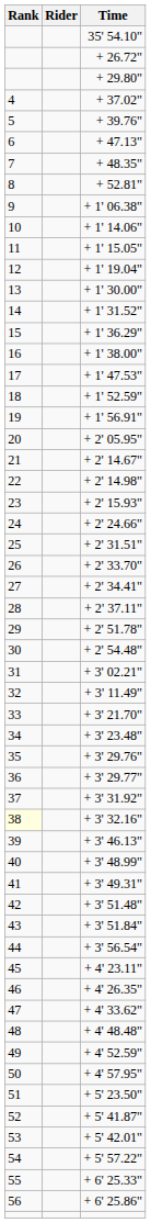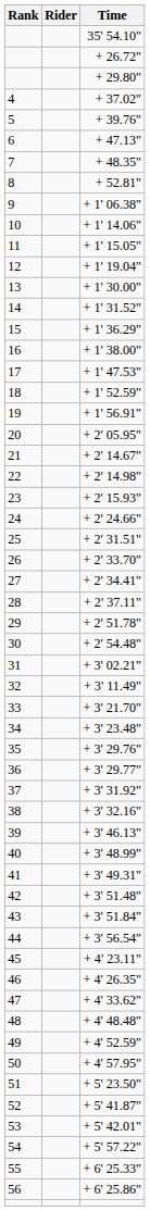 <table class="wikitable sortable">
 <tr>
 <th>Rank</th>
 <th>Rider</th>
 <th>Time</th>
 </tr>
 <tr>
 <td></td>
 <td></td>
 <td align=right>35' 54.10"</td>
 </tr>
 <tr>
 <td></td>
 <td></td>
 <td align=right>+ 26.72"</td>
 </tr>
 <tr>
 <td></td>
 <td></td>
 <td align=right>+ 29.80"</td>
 </tr>
 <tr>
 <td>4</td>
 <td></td>
 <td align=right>+ 37.02"</td>
 </tr>
 <tr>
 <td>5</td>
 <td></td>
 <td align=right>+ 39.76"</td>
 </tr>
 <tr>
 <td>6</td>
 <td></td>
 <td align=right>+ 47.13"</td>
 </tr>
 <tr>
 <td>7</td>
 <td></td>
 <td align=right>+ 48.35"</td>
 </tr>
 <tr>
 <td>8</td>
 <td></td>
 <td align=right>+ 52.81"</td>
 </tr>
 <tr>
 <td>9</td>
 <td></td>
 <td align=right>+ 1' 06.38"</td>
 </tr>
 <tr>
 <td>10</td>
 <td></td>
 <td align=right>+ 1' 14.06"</td>
 </tr>
 <tr>
 <td>11</td>
 <td></td>
 <td align=right>+ 1' 15.05"</td>
 </tr>
 <tr>
 <td>12</td>
 <td></td>
 <td align=right>+ 1' 19.04"</td>
 </tr>
 <tr>
 <td>13</td>
 <td></td>
 <td align=right>+ 1' 30.00"</td>
 </tr>
 <tr>
 <td>14</td>
 <td></td>
 <td align=right>+ 1' 31.52"</td>
 </tr>
 <tr>
 <td>15</td>
 <td></td>
 <td align=right>+ 1' 36.29"</td>
 </tr>
 <tr>
 <td>16</td>
 <td></td>
 <td align=right>+ 1' 38.00"</td>
 </tr>
 <tr>
 <td>17</td>
 <td></td>
 <td align=right>+ 1' 47.53"</td>
 </tr>
 <tr>
 <td>18</td>
 <td></td>
 <td align=right>+ 1' 52.59"</td>
 </tr>
 <tr>
 <td>19</td>
 <td></td>
 <td align=right>+ 1' 56.91"</td>
 </tr>
 <tr>
 <td>20</td>
 <td></td>
 <td align=right>+ 2' 05.95"</td>
 </tr>
 <tr>
 <td>21</td>
 <td></td>
 <td align=right>+ 2' 14.67"</td>
 </tr>
 <tr>
 <td>22</td>
 <td></td>
 <td align=right>+ 2' 14.98"</td>
 </tr>
 <tr>
 <td>23</td>
 <td></td>
 <td align=right>+ 2' 15.93"</td>
 </tr>
 <tr>
 <td>24</td>
 <td></td>
 <td align=right>+ 2' 24.66"</td>
 </tr>
 <tr>
 <td>25</td>
 <td></td>
 <td align=right>+ 2' 31.51"</td>
 </tr>
 <tr>
 <td>26</td>
 <td></td>
 <td align=right>+ 2' 33.70"</td>
 </tr>
 <tr>
 <td>27</td>
 <td></td>
 <td align=right>+ 2' 34.41"</td>
 </tr>
 <tr>
 <td>28</td>
 <td></td>
 <td align=right>+ 2' 37.11"</td>
 </tr>
 <tr>
 <td>29</td>
 <td></td>
 <td align=right>+ 2' 51.78"</td>
 </tr>
 <tr>
 <td>30</td>
 <td></td>
 <td align=right>+ 2' 54.48"</td>
 </tr>
 <tr>
 <td>31</td>
 <td></td>
 <td align=right>+ 3' 02.21"</td>
 </tr>
 <tr>
 <td>32</td>
 <td></td>
 <td align=right>+ 3' 11.49"</td>
 </tr>
 <tr>
 <td>33</td>
 <td></td>
 <td align=right>+ 3' 21.70"</td>
 </tr>
 <tr>
 <td>34</td>
 <td></td>
 <td align=right>+ 3' 23.48"</td>
 </tr>
 <tr>
 <td>35</td>
 <td></td>
 <td align=right>+ 3' 29.76"</td>
 </tr>
 <tr>
 <td>36</td>
 <td></td>
 <td align=right>+ 3' 29.77"</td>
 </tr>
 <tr>
 <td>37</td>
 <td></td>
 <td align=right>+ 3' 31.92"</td>
 </tr>
 <tr>
-<td style="background: lightyellow;">38</td>
+<td>38</td>
 <td></td>
 <td align=right>+ 3' 32.16"</td>
 </tr>
 <tr>
 <td>39</td>
 <td></td>
 <td align=right>+ 3' 46.13"</td>
 </tr>
 <tr>
 <td>40</td>
 <td></td>
 <td align=right>+ 3' 48.99"</td>
 </tr>
 <tr>
 <td>41</td>
 <td></td>
 <td align=right>+ 3' 49.31"</td>
 </tr>
 <tr>
 <td>42</td>
 <td></td>
 <td align=right>+ 3' 51.48"</td>
 </tr>
 <tr>
 <td>43</td>
 <td></td>
 <td align=right>+ 3' 51.84"</td>
 </tr>
 <tr>
 <td>44</td>
 <td></td>
 <td align=right>+ 3' 56.54"</td>
 </tr>
 <tr>
 <td>45</td>
 <td></td>
 <td align=right>+ 4' 23.11"</td>
 </tr>
 <tr>
 <td>46</td>
 <td></td>
 <td align=right>+ 4' 26.35"</td>
 </tr>
 <tr>
 <td>47</td>
 <td></td>
 <td align=right>+ 4' 33.62"</td>
 </tr>
 <tr>
 <td>48</td>
 <td></td>
 <td align=right>+ 4' 48.48"</td>
 </tr>
 <tr>
 <td>49</td>
 <td></td>
 <td align=right>+ 4' 52.59"</td>
 </tr>
 <tr>
 <td>50</td>
 <td></td>
 <td align=right>+ 4' 57.95"</td>
 </tr>
 <tr>
 <td>51</td>
 <td></td>
 <td align=right>+ 5' 23.50"</td>
 </tr>
 <tr>
 <td>52</td>
 <td></td>
 <td align=right>+ 5' 41.87"</td>
 </tr>
 <tr>
 <td>53</td>
 <td></td>
 <td align=right>+ 5' 42.01"</td>
 </tr>
 <tr>
 <td>54</td>
 <td></td>
 <td align=right>+ 5' 57.22"</td>
 </tr>
 <tr>
 <td>55</td>
 <td></td>
 <td align=right>+ 6' 25.33"</td>
 </tr>
 <tr>
 <td>56</td>
 <td></td>
 <td align=right>+ 6' 25.86"</td>
 </tr>
 <tr>
 <td></td>
 <td></td>
 <td></td>
 </tr>
 </table>
